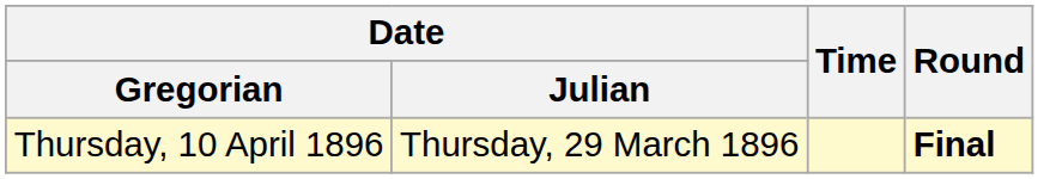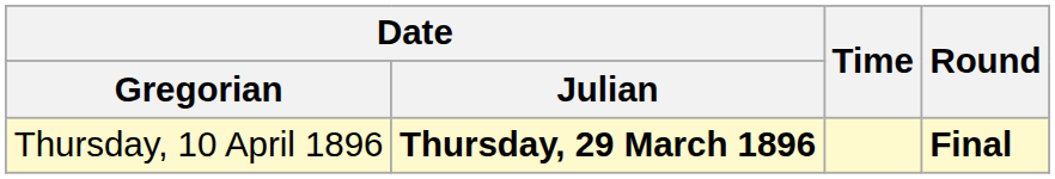 <table class="wikitable">
 <tr>
 <th colspan=2>Date</th>
 <th rowspan=2>Time</th>
 <th rowspan=2>Round</th>
 </tr>
 <tr>
 <th>Gregorian</th>
 <th>Julian</th>
 </tr>
 <tr style=background:lemonchiffon>
 <td>Thursday, 10 April 1896</td>
-<td>Thursday, 29 March 1896</td>
+<td><strong>Thursday, 29 March 1896</strong></td>
 <td></td>
 <td><strong>Final</strong></td>
 </tr>
 </table>
